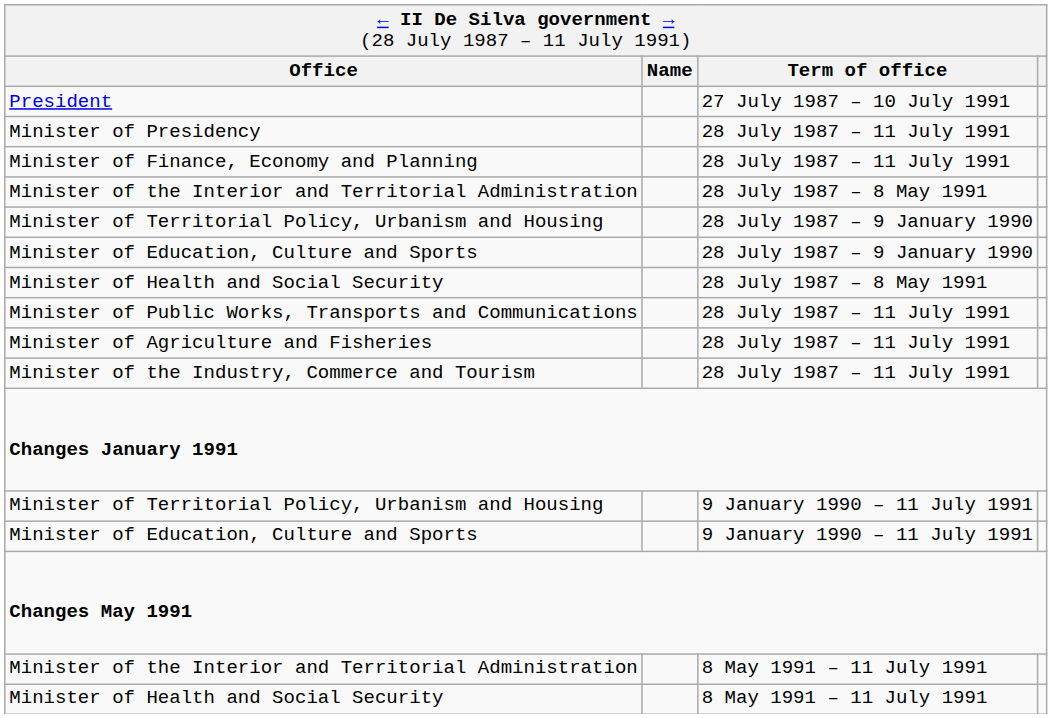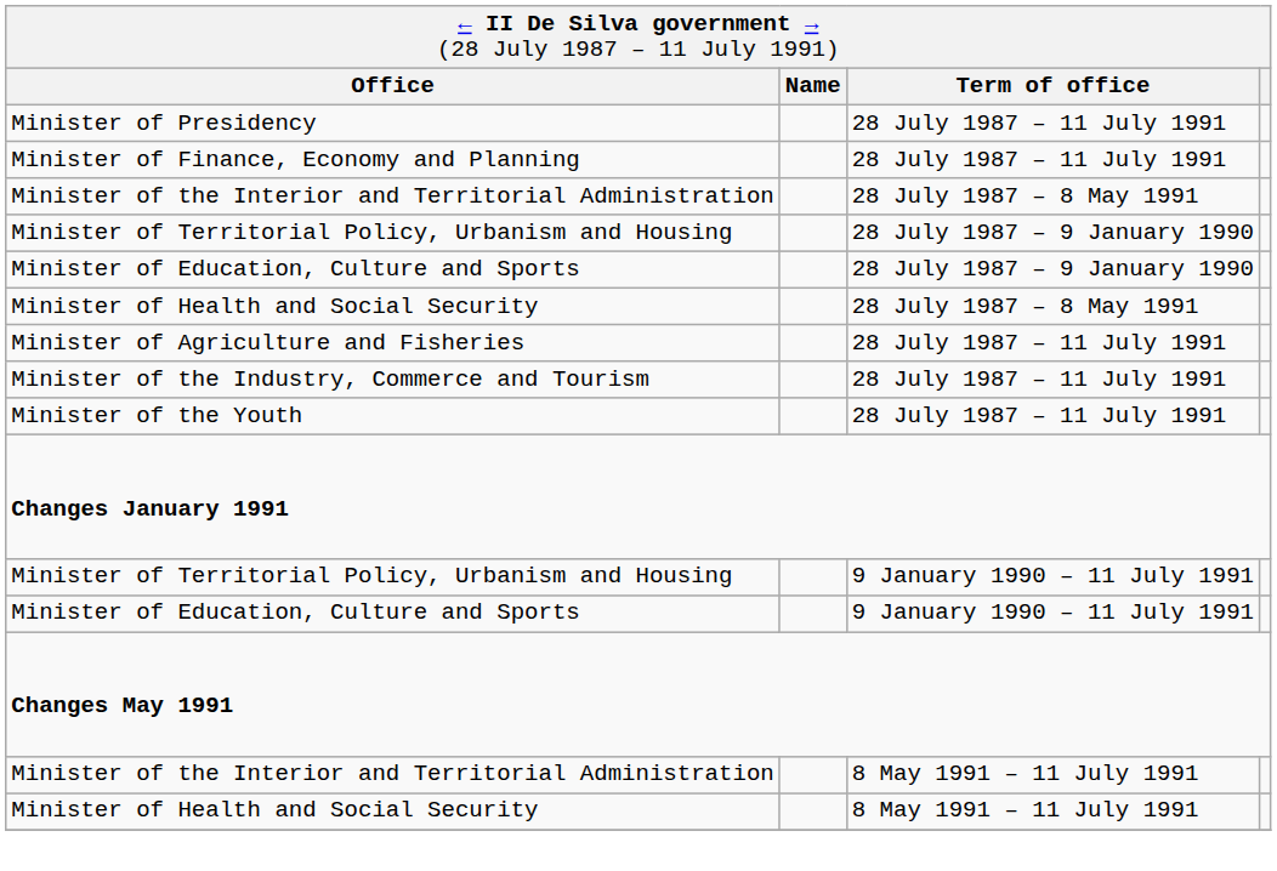 <table class="wikitable" style="font-size:97%;">
 <tr>
 <td colspan="4" bgcolor="#F2F2F2" align="center"><a href='#'>←</a> <strong>II De Silva government</strong>  <a href='#'>→</a><br>(28 July 1987 – 11 July 1991)</td>
 </tr>
 <tr>
 <th>Office</th>
 <th>Name</th>
 <th>Term of office</th>
 <th></th>
-</tr>
-<tr>
-<td><a href='#'>President</a></td>
-<td><strong></strong></td>
-<td>27 July 1987 – 10 July 1991</td>
-<td align=center></td>
 </tr>
 <tr>
 <td>Minister of Presidency</td>
 <td><strong></strong></td>
 <td>28 July 1987 – 11 July 1991</td>
 <td align=center></td>
 </tr>
 <tr>
 <td>Minister of Finance, Economy and Planning</td>
 <td><strong></strong></td>
 <td>28 July 1987 – 11 July 1991</td>
 <td align=center></td>
 </tr>
 <tr>
 <td>Minister of the Interior and Territorial Administration</td>
 <td><strong></strong></td>
 <td>28 July 1987 – 8 May 1991</td>
 <td align=center></td>
 </tr>
 <tr>
 <td>Minister of Territorial Policy, Urbanism and Housing</td>
 <td><strong></strong></td>
 <td>28 July 1987 – 9 January 1990</td>
 <td align=center></td>
 </tr>
 <tr>
 <td>Minister of Education, Culture and Sports</td>
 <td><strong></strong> </td>
 <td>28 July 1987 – 9 January 1990</td>
 <td align=center></td>
 </tr>
 <tr>
 <td>Minister of Health and Social Security</td>
 <td><strong></strong></td>
 <td>28 July 1987 – 8 May 1991</td>
 <td align=center></td>
 </tr>
 <tr>
-<td>Minister of Public Works, Transports and Communications</td>
-<td><strong></strong></td>
-<td>28 July 1987 – 11 July 1991</td>
-<td align=center></td>
-</tr>
-<tr>
 <td>Minister of Agriculture and Fisheries</td>
 <td><strong></strong></td>
 <td>28 July 1987 – 11 July 1991</td>
 <td align=center></td>
 </tr>
 <tr>
 <td>Minister of the Industry, Commerce and Tourism</td>
 <td><strong></strong> </td>
+<td>28 July 1987 – 11 July 1991</td>
+<td align=center></td>
+</tr>
+<tr>
+<td>Minister of the Youth</td>
+<td><strong></strong></td>
 <td>28 July 1987 – 11 July 1991</td>
 <td align=center></td>
 </tr>
 <tr>
 <td colspan="4"><br><h4>Changes January 1991</h4></td>
 </tr>
 <tr>
 <td>Minister of Territorial Policy, Urbanism and Housing</td>
 <td><strong></strong></td>
 <td>9 January 1990 – 11 July 1991</td>
 <td align=center></td>
 </tr>
 <tr>
 <td>Minister of Education, Culture and Sports</td>
 <td><strong></strong> </td>
 <td>9 January 1990 – 11 July 1991</td>
 <td align=center></td>
 </tr>
 <tr>
 <td colspan="4"><br><h4>Changes May 1991</h4></td>
 </tr>
 <tr>
 <td>Minister of the Interior and Territorial Administration</td>
 <td><strong></strong></td>
 <td>8 May 1991 – 11 July 1991</td>
 <td align=center></td>
 </tr>
 <tr>
 <td>Minister of Health and Social Security</td>
 <td><strong></strong></td>
 <td>8 May 1991 – 11 July 1991</td>
 <td align=center></td>
 </tr>
 <tr>
 </tr>
 </table>
